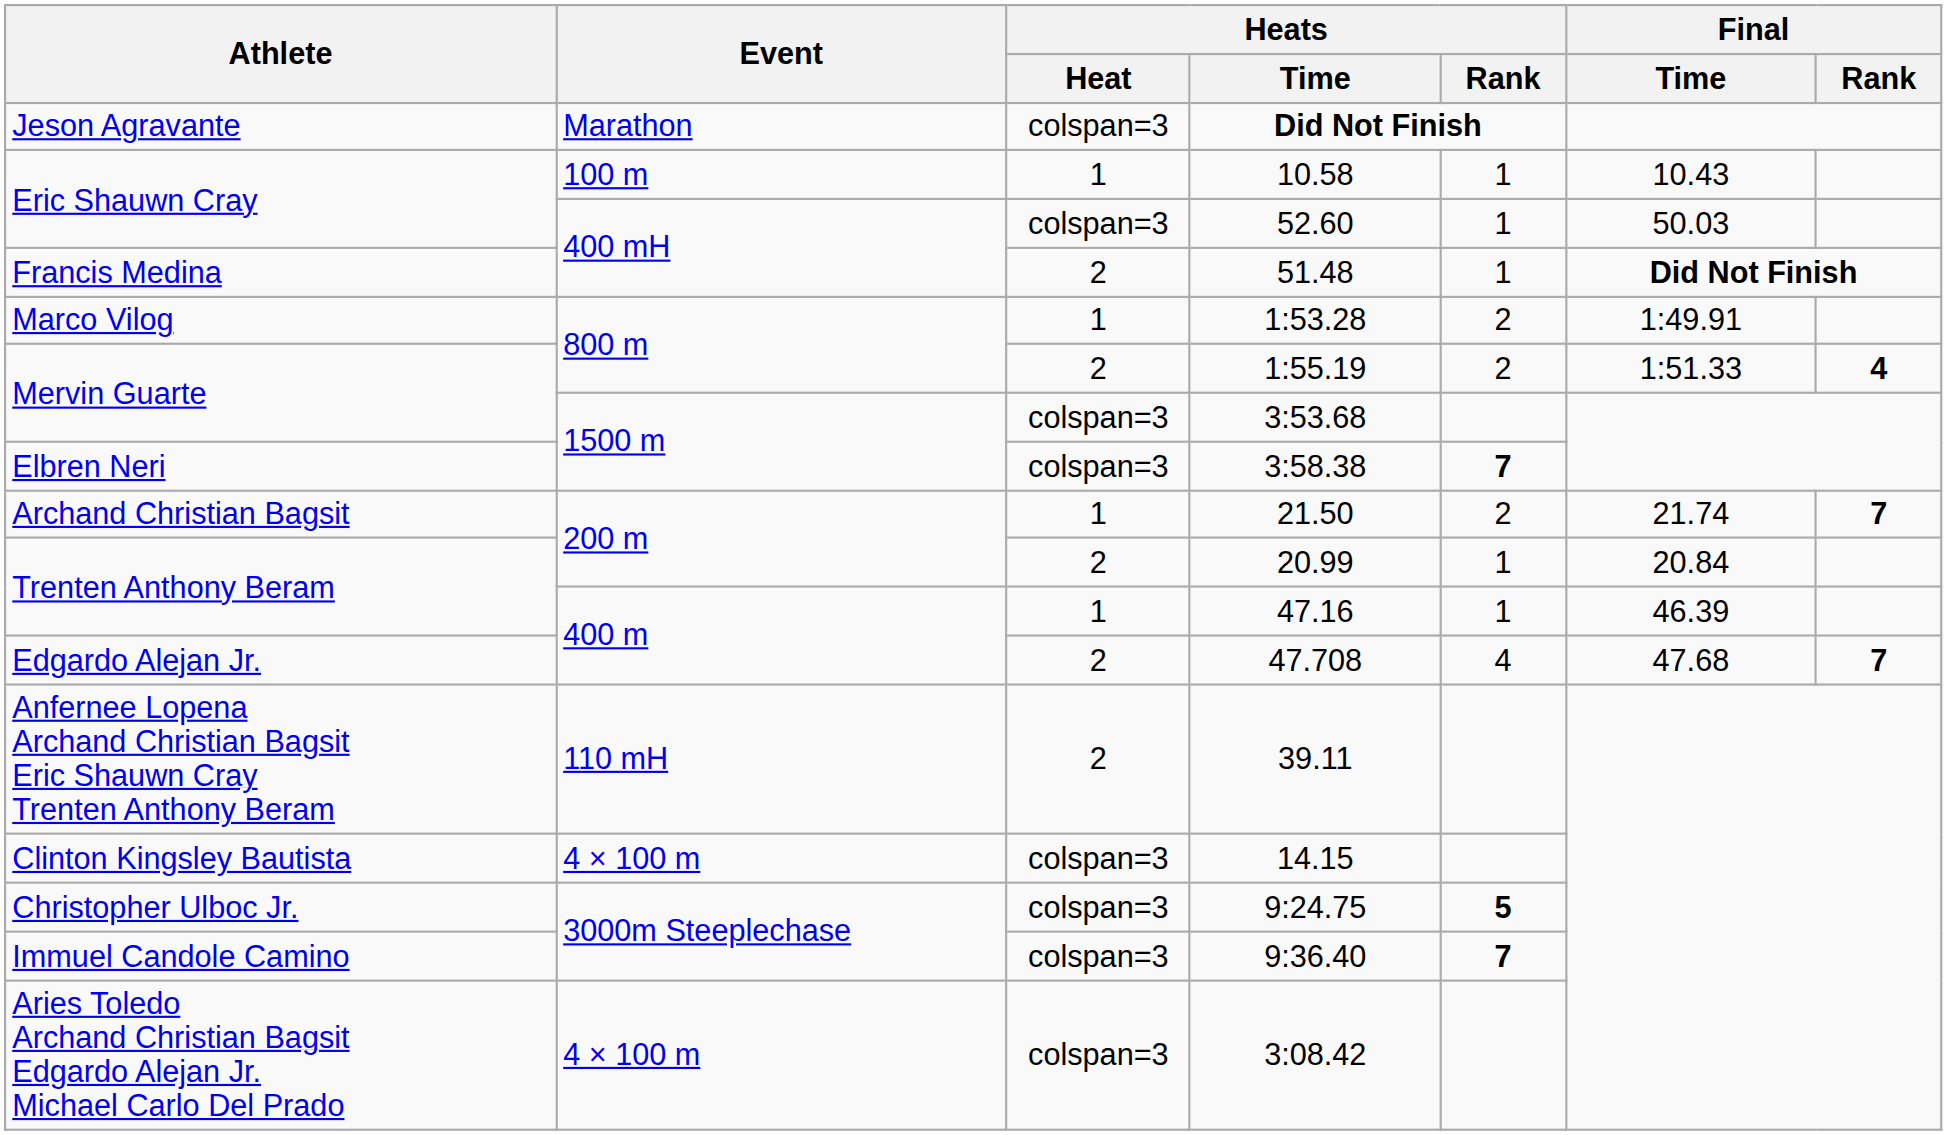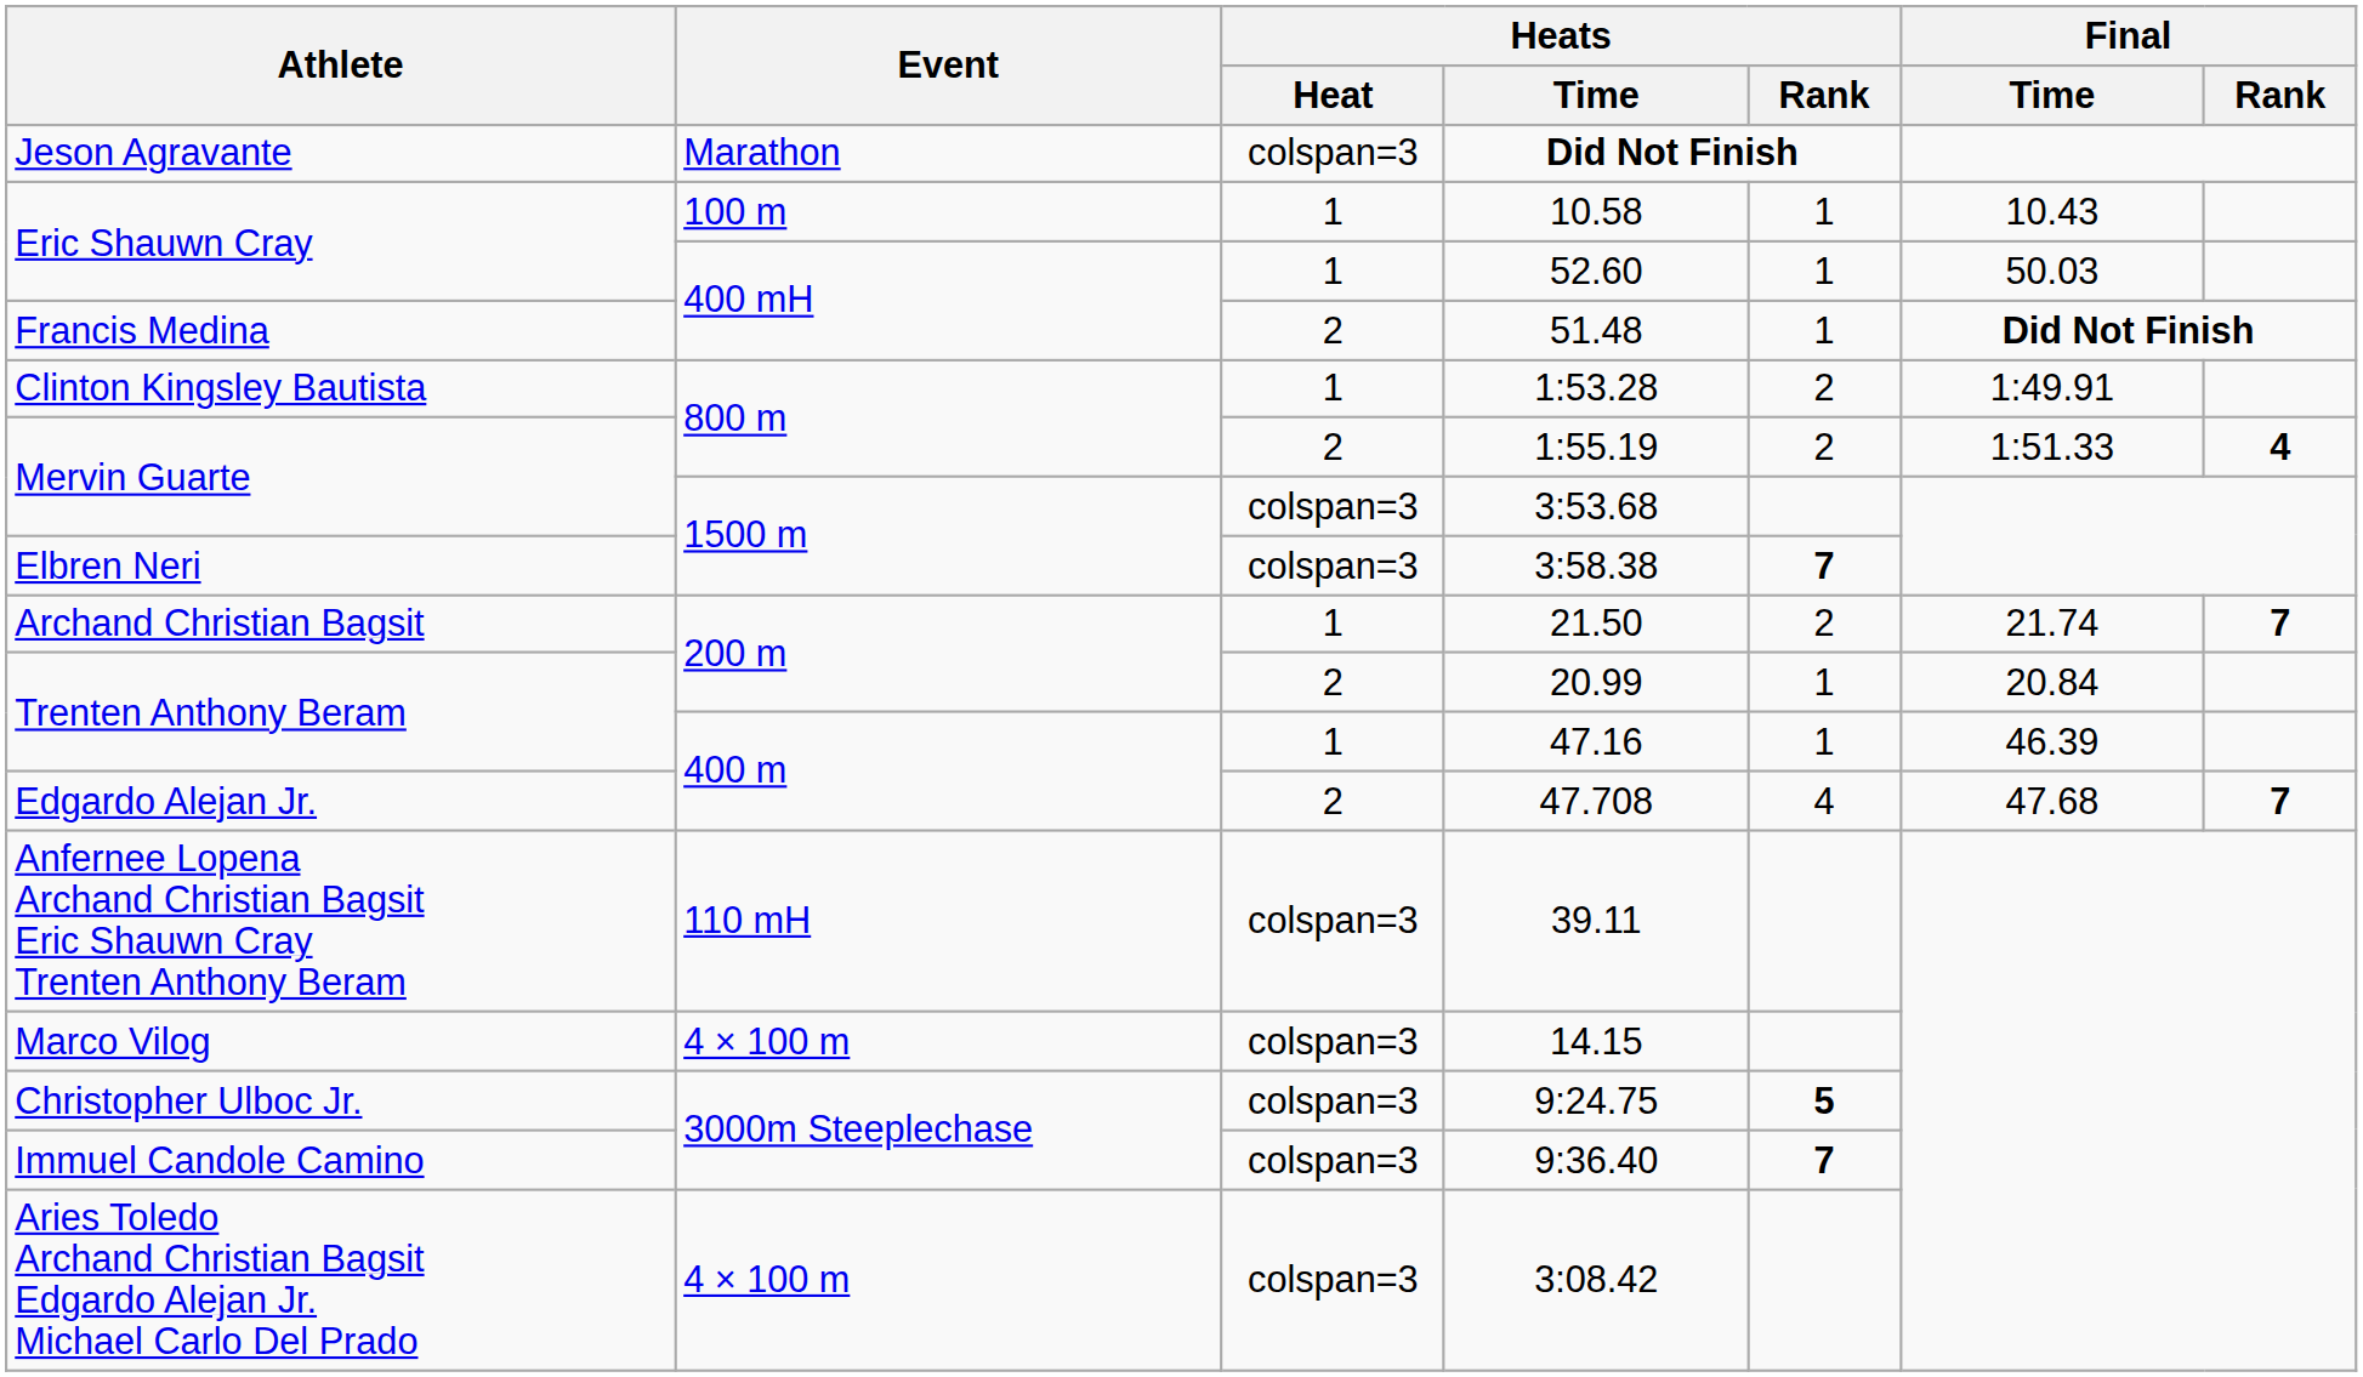 <table class="wikitable" width="72%" style="text-align:center; font-size:90%">
 <tr>
 <th rowspan="2" width="22%">Athlete</th>
 <th rowspan="2" width="18%">Event</th>
 <th colspan="3" width="20%">Heats</th>
 <th colspan="2" width="15%">Final</th>
 </tr>
 <tr>
 <th width="5%">Heat</th>
 <th width="10%">Time</th>
 <th>Rank</th>
 <th width="10%">Time</th>
 <th>Rank</th>
 </tr>
 <tr>
 <td align=left><a href='#'>Jeson Agravante</a></td>
 <td align=left><a href='#'>Marathon</a></td>
 <td>colspan=3 </td>
 <td colspan=2><strong>Did Not Finish</strong></td>
 </tr>
 <tr>
 <td align=left rowspan=2><a href='#'>Eric Shauwn Cray</a></td>
 <td align=left><a href='#'>100 m</a></td>
 <td>1</td>
 <td>10.58</td>
 <td>1 <strong></strong></td>
 <td>10.43</td>
 <td></td>
 </tr>
 <tr>
 <td align=left rowspan=2><a href='#'>400 mH</a></td>
-<td>colspan=3 </td>
+<td>1</td>
 <td>52.60</td>
 <td>1 <strong></strong></td>
 <td>50.03</td>
 <td></td>
 </tr>
 <tr>
 <td align=left><a href='#'>Francis Medina</a></td>
 <td>2</td>
 <td>51.48</td>
 <td>1 <strong></strong></td>
 <td colspan=2><strong>Did Not Finish</strong></td>
 </tr>
 <tr>
-<td align=left><a href='#'>Marco Vilog</a></td>
+<td align=left><a href='#'>Clinton Kingsley Bautista</a></td>
 <td align=left rowspan=2><a href='#'>800 m</a></td>
 <td>1</td>
 <td>1:53.28</td>
 <td>2 <strong></strong></td>
 <td>1:49.91</td>
 <td></td>
 </tr>
 <tr>
 <td align=left rowspan=2><a href='#'>Mervin Guarte</a></td>
 <td>2</td>
 <td>1:55.19</td>
 <td>2 <strong></strong></td>
 <td>1:51.33</td>
 <td><strong>4</strong></td>
 </tr>
 <tr>
 <td align=left rowspan=2><a href='#'>1500 m</a></td>
 <td>colspan=3 </td>
 <td>3:53.68</td>
 <td></td>
 </tr>
 <tr>
 <td align=left><a href='#'>Elbren Neri</a></td>
 <td>colspan=3 </td>
 <td>3:58.38</td>
 <td><strong>7</strong></td>
 </tr>
 <tr>
 <td align=left><a href='#'>Archand Christian Bagsit</a></td>
 <td align=left rowspan=2><a href='#'>200 m</a></td>
 <td>1</td>
 <td>21.50</td>
 <td>2 <strong></strong></td>
 <td>21.74</td>
 <td><strong>7</strong></td>
 </tr>
 <tr>
 <td align=left rowspan=2><a href='#'>Trenten Anthony Beram</a></td>
 <td>2</td>
 <td>20.99</td>
 <td>1 <strong></strong></td>
 <td>20.84</td>
 <td></td>
 </tr>
 <tr>
 <td align=left rowspan=2><a href='#'>400 m</a></td>
 <td>1</td>
 <td>47.16</td>
 <td>1 <strong></strong></td>
 <td>46.39</td>
 <td></td>
 </tr>
 <tr>
 <td align=left><a href='#'>Edgardo Alejan Jr.</a></td>
 <td>2</td>
 <td>47.708</td>
 <td>4 <strong></strong></td>
 <td>47.68</td>
 <td><strong>7</strong></td>
 </tr>
 <tr>
 <td align=left><a href='#'>Anfernee Lopena</a><br><a href='#'>Archand Christian Bagsit</a><br><a href='#'>Eric Shauwn Cray</a><br><a href='#'>Trenten Anthony Beram</a></td>
 <td align=left><a href='#'>110 mH</a></td>
-<td>2</td>
+<td>colspan=3 </td>
 <td>39.11</td>
 <td></td>
 </tr>
 <tr>
-<td align=left><a href='#'>Clinton Kingsley Bautista</a></td>
+<td align=left><a href='#'>Marco Vilog</a></td>
 <td align=left><a href='#'>4 × 100 m</a></td>
 <td>colspan=3 </td>
 <td>14.15</td>
 <td></td>
 </tr>
 <tr>
 <td align=left><a href='#'>Christopher Ulboc Jr.</a></td>
 <td align=left rowspan=2><a href='#'>3000m Steeplechase</a></td>
 <td>colspan=3 </td>
 <td>9:24.75</td>
 <td><strong>5</strong></td>
 </tr>
 <tr>
 <td align=left><a href='#'>Immuel Candole Camino</a></td>
 <td>colspan=3 </td>
 <td>9:36.40</td>
 <td><strong>7</strong></td>
 </tr>
 <tr>
 <td align=left><a href='#'>Aries Toledo</a><br><a href='#'>Archand Christian Bagsit</a><br><a href='#'>Edgardo Alejan Jr.</a><br><a href='#'>Michael Carlo Del Prado</a></td>
 <td align=left><a href='#'>4 × 100 m</a></td>
 <td>colspan=3 </td>
 <td>3:08.42</td>
 <td></td>
 </tr>
 </table>
